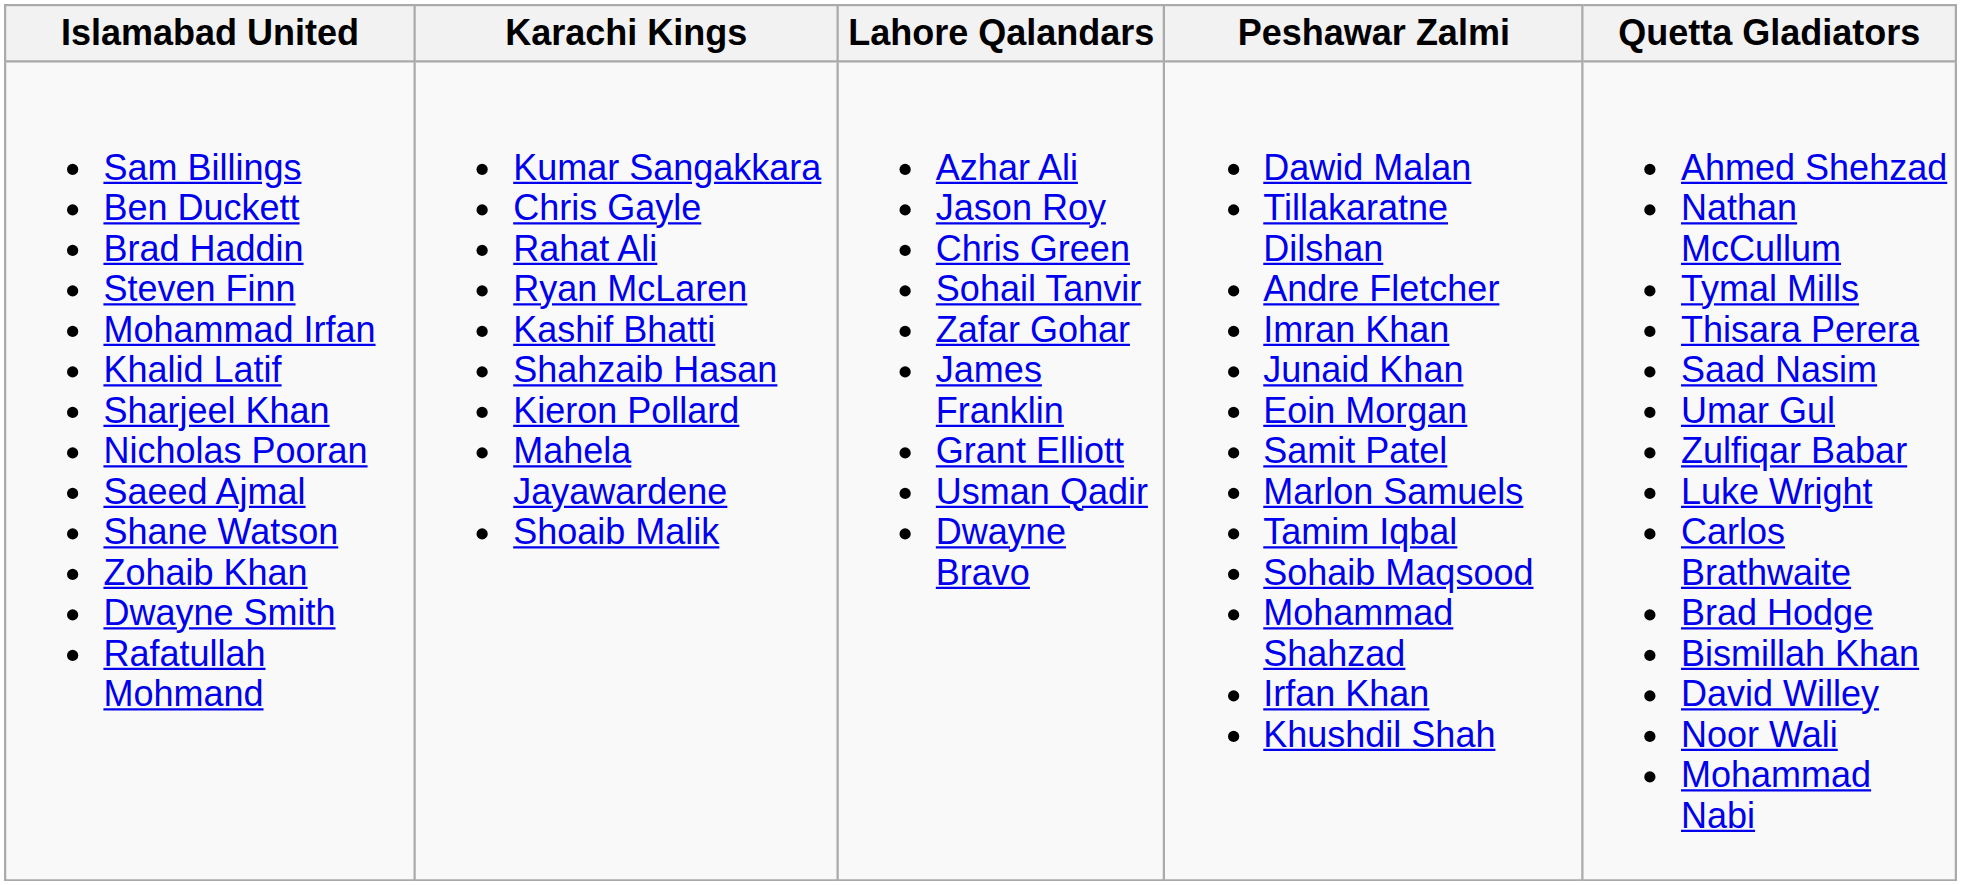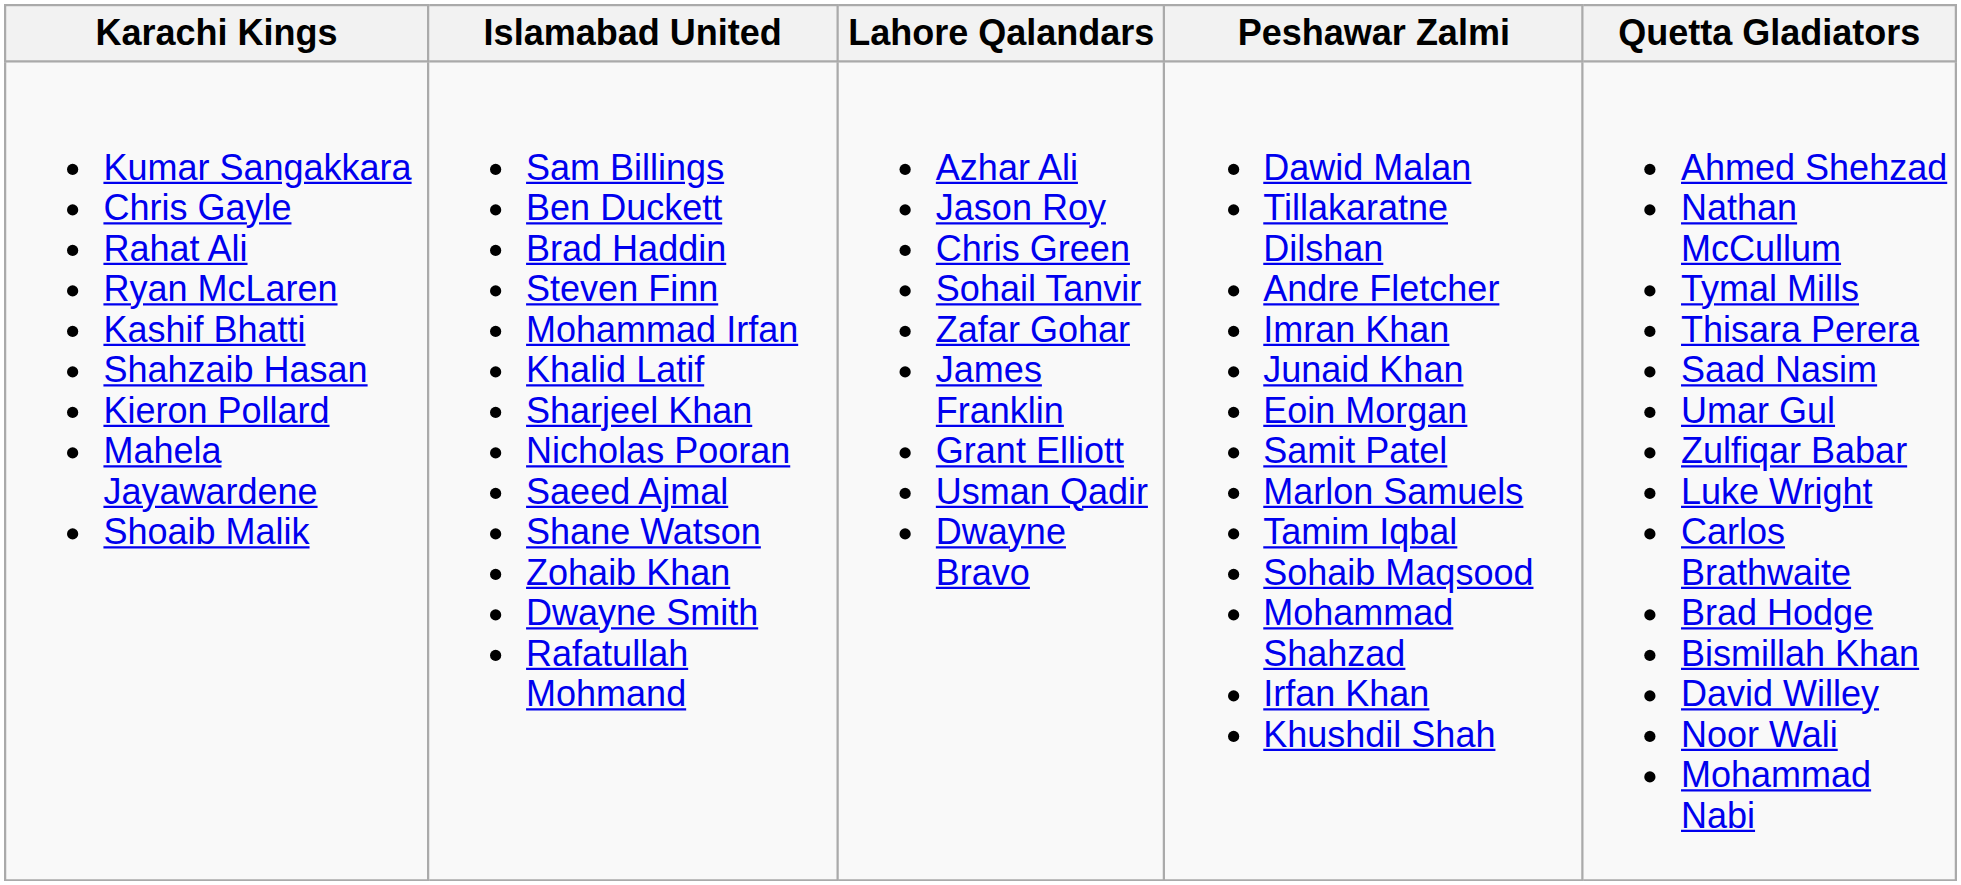 <table class="wikitable">
 <tr>
+<th>Karachi Kings</th>
 <th>Islamabad United</th>
-<th>Karachi Kings</th>
 <th>Lahore Qalandars</th>
 <th>Peshawar Zalmi</th>
 <th>Quetta Gladiators</th>
 </tr>
 <tr style="vertical-align:top">
+<td><br><ul><li><a href='#'>Kumar Sangakkara</a></li><li><a href='#'>Chris Gayle</a></li><li><a href='#'>Rahat Ali</a></li><li><a href='#'>Ryan McLaren</a></li><li><a href='#'>Kashif Bhatti</a></li><li><a href='#'>Shahzaib Hasan</a></li><li><a href='#'>Kieron Pollard</a></li><li><a href='#'>Mahela Jayawardene</a></li><li><a href='#'>Shoaib Malik</a></li></ul></td>
 <td><br><ul><li><a href='#'>Sam Billings</a></li><li><a href='#'>Ben Duckett</a></li><li><a href='#'>Brad Haddin</a></li><li><a href='#'>Steven Finn</a></li><li><a href='#'>Mohammad Irfan</a></li><li><a href='#'>Khalid Latif</a></li><li><a href='#'>Sharjeel Khan</a></li><li><a href='#'>Nicholas Pooran</a></li><li><a href='#'>Saeed Ajmal</a></li><li><a href='#'>Shane Watson</a></li><li><a href='#'>Zohaib Khan</a></li><li><a href='#'>Dwayne Smith</a></li><li><a href='#'>Rafatullah Mohmand</a></li></ul></td>
-<td><br><ul><li><a href='#'>Kumar Sangakkara</a></li><li><a href='#'>Chris Gayle</a></li><li><a href='#'>Rahat Ali</a></li><li><a href='#'>Ryan McLaren</a></li><li><a href='#'>Kashif Bhatti</a></li><li><a href='#'>Shahzaib Hasan</a></li><li><a href='#'>Kieron Pollard</a></li><li><a href='#'>Mahela Jayawardene</a></li><li><a href='#'>Shoaib Malik</a></li></ul></td>
 <td><br><ul><li><a href='#'>Azhar Ali</a></li><li><a href='#'>Jason Roy</a></li><li><a href='#'>Chris Green</a></li><li><a href='#'>Sohail Tanvir</a></li><li><a href='#'>Zafar Gohar</a></li><li><a href='#'>James Franklin</a></li><li><a href='#'>Grant Elliott</a></li><li><a href='#'>Usman Qadir</a></li><li><a href='#'>Dwayne Bravo</a></li></ul></td>
 <td><br><ul><li><a href='#'>Dawid Malan</a></li><li><a href='#'>Tillakaratne Dilshan</a></li><li><a href='#'>Andre Fletcher</a></li><li><a href='#'>Imran Khan</a></li><li><a href='#'>Junaid Khan</a></li><li><a href='#'>Eoin Morgan</a></li><li><a href='#'>Samit Patel</a></li><li><a href='#'>Marlon Samuels</a></li><li><a href='#'>Tamim Iqbal</a></li><li><a href='#'>Sohaib Maqsood</a></li><li><a href='#'>Mohammad Shahzad</a></li><li><a href='#'>Irfan Khan</a></li><li><a href='#'>Khushdil Shah</a></li></ul></td>
 <td><br><ul><li><a href='#'>Ahmed Shehzad</a></li><li><a href='#'>Nathan McCullum</a></li><li><a href='#'>Tymal Mills</a></li><li><a href='#'>Thisara Perera</a></li><li><a href='#'>Saad Nasim</a></li><li><a href='#'>Umar Gul</a></li><li><a href='#'>Zulfiqar Babar</a></li><li><a href='#'>Luke Wright</a></li><li><a href='#'>Carlos Brathwaite</a></li><li><a href='#'>Brad Hodge</a></li><li><a href='#'>Bismillah Khan</a></li><li><a href='#'>David Willey</a></li><li><a href='#'>Noor Wali</a></li><li><a href='#'>Mohammad Nabi</a></li></ul></td>
 </tr>
 </table>
